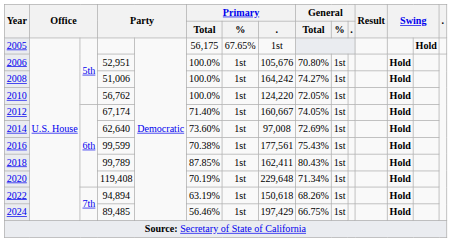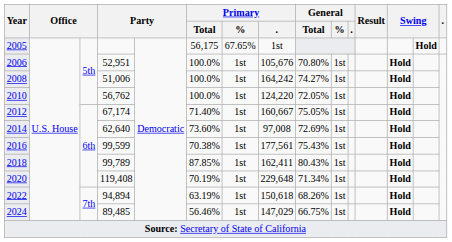 <table class="wikitable" style="font-size: 90%; text-align:center;">
 <tr>
 <th rowspan=2>Year</th>
 <th colspan=2 rowspan=2>Office</th>
 <th colspan=2 rowspan=2>Party</th>
 <th colspan=3><a href='#'>Primary</a></th>
 <th colspan=3>General</th>
 <th rowspan=2>Result</th>
 <th colspan=2 rowspan=2><a href='#'>Swing</a></th>
 <th rowspan=2>.</th>
 </tr>
 <tr>
 <th>Total</th>
 <th>%</th>
 <th>.</th>
 <th>Total</th>
 <th>%</th>
 <th>.</th>
 </tr>
 <tr>
 <td style="background-color:#EAECF0;"><a href='#'>2005</a></td>
 <td rowspan=11><a href='#'>U.S. House</a></td>
 <td rowspan=4><a href='#'>5th</a></td>
 <td style="background-color:"></td>
 <td rowspan=11><a href='#'>Democratic</a></td>
 <td>56,175</td>
 <td>67.65%</td>
 <td>1st</td>
 <td style="background-color:#EAECF0;" colspan=3></td>
 <td></td>
 <td style="background-color:"></td>
 <td><strong>Hold</strong></td>
 <td></td>
 </tr>
 <tr>
 <td style="background-color:#EAECF0;"><a href='#'>2006</a></td>
 <td>52,951</td>
 <td>100.0%</td>
 <td>1st</td>
 <td>105,676</td>
 <td>70.80%</td>
 <td>1st</td>
 <td></td>
 <td style="background-color:"></td>
 <td><strong>Hold</strong></td>
 <td></td>
 </tr>
 <tr>
 <td style="background-color:#EAECF0;"><a href='#'>2008</a></td>
 <td>51,006</td>
 <td>100.0%</td>
 <td>1st</td>
 <td>164,242</td>
 <td>74.27%</td>
 <td>1st</td>
 <td></td>
 <td style="background-color:"></td>
 <td><strong>Hold</strong></td>
 <td></td>
 </tr>
 <tr>
 <td style="background-color:#EAECF0;"><a href='#'>2010</a></td>
 <td>56,762</td>
 <td>100.0%</td>
 <td>1st</td>
 <td>124,220</td>
 <td>72.05%</td>
 <td>1st</td>
 <td></td>
 <td style="background-color:"></td>
 <td><strong>Hold</strong></td>
 <td></td>
 </tr>
 <tr>
 <td style="background-color:#EAECF0;"><a href='#'>2012</a></td>
 <td rowspan=5><a href='#'>6th</a></td>
 <td>67,174</td>
 <td>71.40%</td>
 <td>1st</td>
 <td>160,667</td>
-<td>74.05%</td>
+<td>75.05%</td>
 <td>1st</td>
 <td></td>
 <td style="background-color:"></td>
 <td><strong>Hold</strong></td>
 <td></td>
 </tr>
 <tr>
 <td style="background-color:#EAECF0;"><a href='#'>2014</a></td>
 <td>62,640</td>
 <td>73.60%</td>
 <td>1st</td>
 <td>97,008</td>
 <td>72.69%</td>
 <td>1st</td>
 <td></td>
 <td style="background-color:"></td>
 <td><strong>Hold</strong></td>
 <td></td>
 </tr>
 <tr>
 <td style="background-color:#EAECF0;"><a href='#'>2016</a></td>
 <td>99,599</td>
 <td>70.38%</td>
 <td>1st</td>
 <td>177,561</td>
 <td>75.43%</td>
 <td>1st</td>
 <td></td>
 <td style="background-color:"></td>
 <td><strong>Hold</strong></td>
 <td></td>
 </tr>
 <tr>
 <td style="background-color:#EAECF0;"><a href='#'>2018</a></td>
 <td>99,789</td>
 <td>87.85%</td>
 <td>1st</td>
 <td>162,411</td>
 <td>80.43%</td>
 <td>1st</td>
 <td></td>
 <td style="background-color:"></td>
 <td><strong>Hold</strong></td>
 <td></td>
 </tr>
 <tr>
 <td style="background-color:#EAECF0;"><a href='#'>2020</a></td>
 <td>119,408</td>
 <td>70.19%</td>
 <td>1st</td>
 <td>229,648</td>
 <td>71.34%</td>
 <td>1st</td>
 <td></td>
 <td style="background-color:"></td>
 <td><strong>Hold</strong></td>
 <td></td>
 </tr>
 <tr>
 <td style="background-color:#EAECF0;"><a href='#'>2022</a></td>
 <td rowspan=2><a href='#'>7th</a></td>
 <td>94,894</td>
 <td>63.19%</td>
 <td>1st</td>
 <td>150,618</td>
 <td>68.26%</td>
 <td>1st</td>
 <td></td>
 <td style="background-color:"></td>
 <td><strong>Hold</strong></td>
 <td></td>
 </tr>
 <tr>
 <td style="background-color:#EAECF0;"><a href='#'>2024</a></td>
 <td>89,485</td>
 <td>56.46%</td>
 <td>1st</td>
-<td>197,429</td>
+<td>147,029</td>
 <td>66.75%</td>
 <td>1st</td>
 <td></td>
 <td style="background-color:"></td>
 <td><strong>Hold</strong></td>
 <td></td>
 </tr>
 <tr>
 <td style="background-color:#EAECF0;" colspan=15><strong>Source:</strong> <a href='#'>Secretary of State of California</a>  </td>
 </tr>
 </table>
